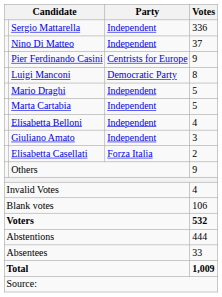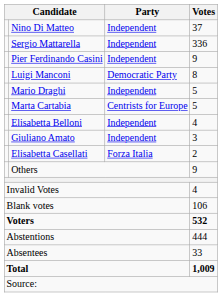 <table class="wikitable mw-collapsible mw-collapsed">
 <tr>
 <th colspan="2">Candidate</th>
 <th>Party</th>
 <th>Votes</th>
-</tr>
-<tr>
-<td bgcolor=></td>
-<td><a href='#'>Sergio Mattarella</a></td>
-<td><a href='#'>Independent</a></td>
-<td>336</td>
 </tr>
 <tr>
 <td></td>
 <td><a href='#'>Nino Di Matteo</a></td>
 <td><a href='#'>Independent</a></td>
 <td>37</td>
 </tr>
 <tr>
 <td bgcolor=></td>
+<td><a href='#'>Sergio Mattarella</a></td>
+<td><a href='#'>Independent</a></td>
+<td>336</td>
+</tr>
+<tr>
+<td bgcolor=></td>
 <td><a href='#'>Pier Ferdinando Casini</a></td>
-<td><a href='#'>Centrists for Europe</a></td>
+<td><a href='#'>Independent</a></td>
 <td>9</td>
 </tr>
 <tr>
 <td bgcolor=></td>
 <td><a href='#'>Luigi Manconi</a></td>
 <td><a href='#'>Democratic Party</a></td>
 <td>8</td>
 </tr>
 <tr>
 <td bgcolor=></td>
 <td><a href='#'>Mario Draghi</a></td>
 <td><a href='#'>Independent</a></td>
 <td>5</td>
 </tr>
 <tr>
 <td bgcolor=></td>
 <td><a href='#'>Marta Cartabia</a></td>
-<td><a href='#'>Independent</a></td>
+<td><a href='#'>Centrists for Europe</a></td>
 <td>5</td>
 </tr>
 <tr>
 <td bgcolor=></td>
 <td><a href='#'>Elisabetta Belloni</a></td>
 <td><a href='#'>Independent</a></td>
 <td>4</td>
 </tr>
 <tr>
 <td bgcolor=></td>
 <td><a href='#'>Giuliano Amato</a></td>
 <td><a href='#'>Independent</a></td>
 <td>3</td>
 </tr>
 <tr>
 <td bgcolor=></td>
 <td><a href='#'>Elisabetta Casellati</a></td>
 <td><a href='#'>Forza Italia</a></td>
 <td>2</td>
 </tr>
 <tr>
 <td bgcolor=></td>
 <td colspan="2">Others</td>
 <td>9</td>
 </tr>
 <tr>
 <th colspan="4"></th>
 </tr>
 <tr>
 <td colspan="3">Invalid Votes</td>
 <td>4</td>
 </tr>
 <tr>
 <td colspan="3">Blank votes</td>
 <td>106</td>
 </tr>
 <tr>
 <td colspan="3"><strong>Voters</strong></td>
 <td><strong>532</strong></td>
 </tr>
 <tr>
 <td colspan="3">Abstentions</td>
 <td>444</td>
 </tr>
 <tr>
 <td colspan="3">Absentees</td>
 <td>33</td>
 </tr>
 <tr>
 <td colspan="3"><strong>Total</strong></td>
 <td><strong>1,009</strong></td>
 </tr>
 <tr>
 <td colspan="4">Source: </td>
 </tr>
 </table>
